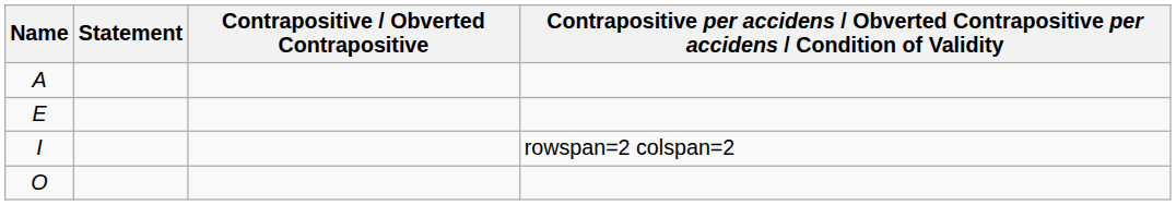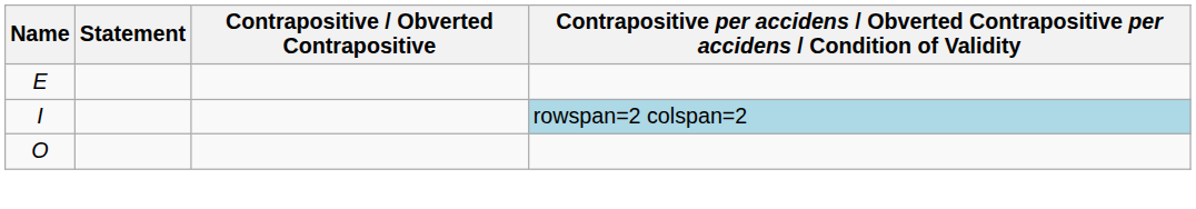 <table class="wikitable">
 <tr>
 <th>Name</th>
 <th>Statement</th>
 <th>Contrapositive / Obverted Contrapositive</th>
 <th>Contrapositive <em>per accidens</em> / Obverted Contrapositive <em>per accidens</em> / Condition of Validity</th>
-</tr>
-<tr>
-<td align="center"><em>A</em></td>
-<td></td>
-<td></td>
-<td></td>
 </tr>
 <tr>
 <td align="center"><em>E</em></td>
 <td></td>
 <td></td>
 <td></td>
 </tr>
 <tr>
 <td align="center"><em>I</em></td>
 <td></td>
 <td></td>
-<td>rowspan=2 colspan=2 </td>
+<td style="background: lightblue;">rowspan=2 colspan=2 </td>
 </tr>
 <tr>
 <td align="center"><em>O</em></td>
 <td></td>
 <td></td>
 </tr>
 </table>
